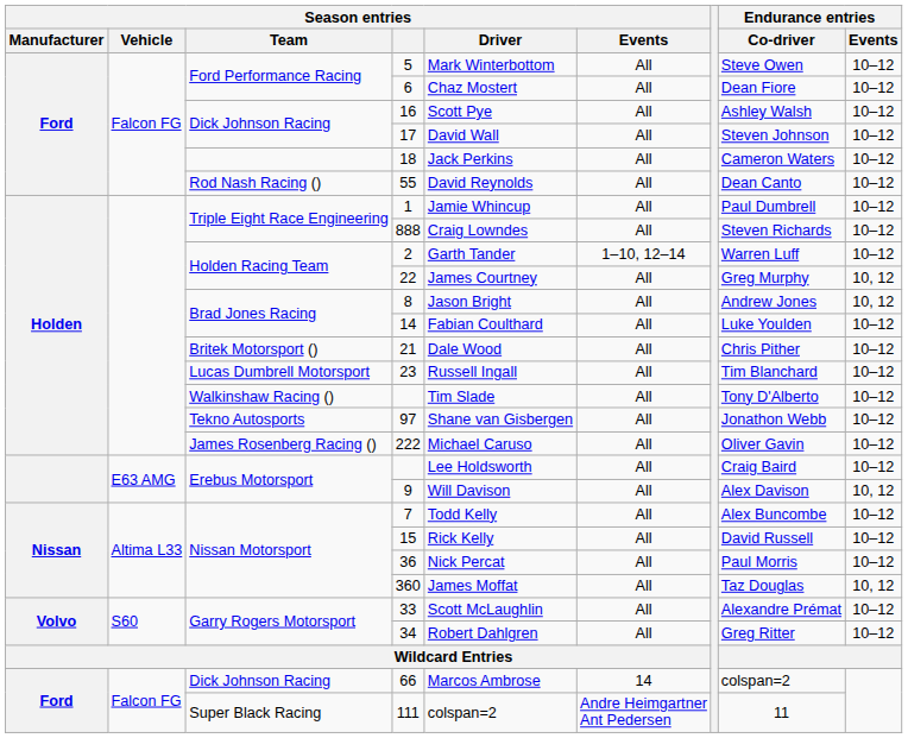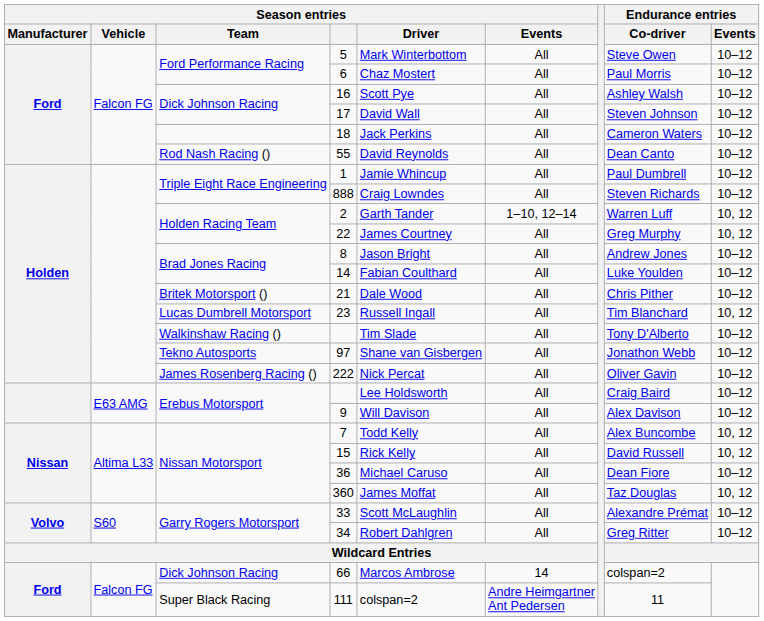 <table class="wikitable" style="font-size: 85%">
 <tr>
 <th colspan="6">Season entries</th>
 <th rowspan="30"></th>
 <th colspan="2">Endurance entries</th>
 </tr>
 <tr>
 <th>Manufacturer</th>
 <th>Vehicle</th>
 <th>Team</th>
 <th valign="middle"></th>
 <th>Driver</th>
 <th>Events</th>
 <th>Co-driver</th>
 <th>Events</th>
 </tr>
 <tr>
 <th rowspan="6"><a href='#'>Ford</a></th>
 <td rowspan="6"><a href='#'>Falcon FG</a></td>
 <td rowspan="2"><a href='#'>Ford Performance Racing</a></td>
 <td align="middle">5</td>
 <td> <a href='#'>Mark Winterbottom</a></td>
 <td align="center">All</td>
 <td> <a href='#'>Steve Owen</a></td>
 <td align="center">10–12</td>
 </tr>
 <tr>
 <td align="middle">6</td>
 <td> <a href='#'>Chaz Mostert</a></td>
 <td align="center">All</td>
-<td> <a href='#'>Dean Fiore</a></td>
+<td> <a href='#'>Paul Morris</a></td>
 <td align="center">10–12</td>
 </tr>
 <tr>
 <td rowspan="2"><a href='#'>Dick Johnson Racing</a></td>
 <td align="middle">16</td>
 <td> <a href='#'>Scott Pye</a></td>
 <td align="center">All</td>
 <td> <a href='#'>Ashley Walsh</a></td>
 <td align="center">10–12</td>
 </tr>
 <tr>
 <td align="middle">17</td>
 <td> <a href='#'>David Wall</a></td>
 <td align="center">All</td>
 <td> <a href='#'>Steven Johnson</a></td>
 <td align="center">10–12</td>
 </tr>
 <tr>
 <td></td>
 <td align="middle">18</td>
 <td> <a href='#'>Jack Perkins</a></td>
 <td align="center">All</td>
 <td> <a href='#'>Cameron Waters</a></td>
 <td align="center">10–12</td>
 </tr>
 <tr>
 <td><a href='#'>Rod Nash Racing</a> ()</td>
 <td align="middle">55</td>
 <td> <a href='#'>David Reynolds</a></td>
 <td align="center">All</td>
 <td> <a href='#'>Dean Canto</a></td>
 <td align="center">10–12</td>
 </tr>
 <tr>
 <th rowspan="11"><a href='#'>Holden</a></th>
 <td rowspan="11"></td>
 <td rowspan="2"><a href='#'>Triple Eight Race Engineering</a></td>
 <td align="middle">1</td>
 <td> <a href='#'>Jamie Whincup</a></td>
 <td align="center">All</td>
 <td> <a href='#'>Paul Dumbrell</a></td>
 <td align="center">10–12</td>
 </tr>
 <tr>
 <td align="middle">888</td>
 <td> <a href='#'>Craig Lowndes</a></td>
 <td align="center">All</td>
 <td> <a href='#'>Steven Richards</a></td>
 <td align="center">10–12</td>
 </tr>
 <tr>
 <td rowspan="2"><a href='#'>Holden Racing Team</a></td>
 <td align="middle">2</td>
 <td> <a href='#'>Garth Tander</a></td>
 <td align="center">1–10, 12–14</td>
 <td> <a href='#'>Warren Luff</a></td>
-<td align="center">10–12</td>
+<td align="center">10, 12</td>
 </tr>
 <tr>
 <td align="middle">22</td>
 <td> <a href='#'>James Courtney</a></td>
 <td align="center">All</td>
 <td> <a href='#'>Greg Murphy</a></td>
 <td align="center">10, 12</td>
 </tr>
 <tr>
 <td rowspan="2"><a href='#'>Brad Jones Racing</a></td>
 <td align="middle">8</td>
 <td> <a href='#'>Jason Bright</a></td>
 <td align="center">All</td>
 <td> <a href='#'>Andrew Jones</a></td>
-<td align="center">10, 12</td>
+<td align="center">10–12</td>
 </tr>
 <tr>
 <td align="middle">14</td>
 <td> <a href='#'>Fabian Coulthard</a></td>
 <td align="center">All</td>
 <td> <a href='#'>Luke Youlden</a></td>
 <td align="center">10–12</td>
 </tr>
 <tr>
 <td><a href='#'>Britek Motorsport</a> ()</td>
 <td align="middle">21</td>
 <td> <a href='#'>Dale Wood</a></td>
 <td align="center">All</td>
 <td> <a href='#'>Chris Pither</a></td>
 <td align="center">10–12</td>
 </tr>
 <tr>
 <td><a href='#'>Lucas Dumbrell Motorsport</a></td>
 <td align="middle">23</td>
 <td> <a href='#'>Russell Ingall</a></td>
 <td align="center">All</td>
 <td> <a href='#'>Tim Blanchard</a></td>
-<td align="center">10–12</td>
+<td align="center">10, 12</td>
 </tr>
 <tr>
 <td><a href='#'>Walkinshaw Racing</a> ()</td>
 <td align="middle"></td>
 <td> <a href='#'>Tim Slade</a></td>
 <td align="center">All</td>
 <td> <a href='#'>Tony D'Alberto</a></td>
 <td align="center">10–12</td>
 </tr>
 <tr>
 <td><a href='#'>Tekno Autosports</a></td>
 <td align="middle">97</td>
 <td> <a href='#'>Shane van Gisbergen</a></td>
 <td align="center">All</td>
 <td> <a href='#'>Jonathon Webb</a></td>
 <td align="center">10–12</td>
 </tr>
 <tr>
 <td><a href='#'>James Rosenberg Racing</a> ()</td>
 <td align="middle">222</td>
-<td> <a href='#'>Michael Caruso</a></td>
+<td> <a href='#'>Nick Percat</a></td>
 <td align="center">All</td>
 <td> <a href='#'>Oliver Gavin</a></td>
 <td align="center">10–12</td>
 </tr>
 <tr>
 <th rowspan=2></th>
 <td rowspan="2"><a href='#'>E63 AMG</a></td>
 <td rowspan="2"><a href='#'>Erebus Motorsport</a></td>
 <td align="middle"></td>
 <td> <a href='#'>Lee Holdsworth</a></td>
 <td align="center">All</td>
 <td> <a href='#'>Craig Baird</a></td>
 <td align="center">10–12</td>
 </tr>
 <tr>
 <td align="middle">9</td>
 <td> <a href='#'>Will Davison</a></td>
 <td align="center">All</td>
 <td> <a href='#'>Alex Davison</a></td>
-<td align="center">10, 12</td>
+<td align="center">10–12</td>
 </tr>
 <tr>
 <th rowspan=4><a href='#'>Nissan</a></th>
 <td rowspan="4"><a href='#'>Altima L33</a></td>
 <td rowspan="4"><a href='#'>Nissan Motorsport</a></td>
 <td align="middle">7</td>
 <td> <a href='#'>Todd Kelly</a></td>
 <td align="center">All</td>
 <td> <a href='#'>Alex Buncombe</a></td>
-<td align="center">10–12</td>
+<td align="center">10, 12</td>
 </tr>
 <tr>
 <td align="middle">15</td>
 <td> <a href='#'>Rick Kelly</a></td>
 <td align="center">All</td>
 <td> <a href='#'>David Russell</a></td>
-<td align="center">10–12</td>
+<td align="center">10, 12</td>
 </tr>
 <tr>
 <td align="middle">36</td>
-<td> <a href='#'>Nick Percat</a></td>
+<td> <a href='#'>Michael Caruso</a></td>
 <td align="center">All</td>
-<td> <a href='#'>Paul Morris</a></td>
+<td> <a href='#'>Dean Fiore</a></td>
 <td align="center">10–12</td>
 </tr>
 <tr>
 <td align="middle">360</td>
 <td> <a href='#'>James Moffat</a></td>
 <td align="center">All</td>
 <td> <a href='#'>Taz Douglas</a></td>
 <td align="center">10, 12</td>
 </tr>
 <tr>
 <th rowspan=2><a href='#'>Volvo</a></th>
 <td rowspan="2"><a href='#'>S60</a></td>
 <td rowspan="2"><a href='#'>Garry Rogers Motorsport</a></td>
 <td align="middle">33</td>
 <td> <a href='#'>Scott McLaughlin</a></td>
 <td align="center">All</td>
 <td> <a href='#'>Alexandre Prémat</a></td>
 <td align="center">10–12</td>
 </tr>
 <tr>
 <td align="middle">34</td>
 <td> <a href='#'>Robert Dahlgren</a></td>
 <td align="center">All</td>
 <td> <a href='#'>Greg Ritter</a></td>
 <td align="center">10–12</td>
 </tr>
 <tr>
 <th colspan="9" align="center">Wildcard Entries</th>
 </tr>
 <tr>
 <th rowspan=2><a href='#'>Ford</a></th>
 <td rowspan=2><a href='#'>Falcon FG</a></td>
 <td><a href='#'>Dick Johnson Racing</a></td>
 <td align="middle">66</td>
 <td> <a href='#'>Marcos Ambrose</a></td>
 <td align="center">14</td>
 <td>colspan=2 </td>
 </tr>
 <tr>
 <td>Super Black Racing</td>
 <td align="middle">111</td>
 <td>colspan=2 </td>
 <td> <a href='#'>Andre Heimgartner</a><br> <a href='#'>Ant Pedersen</a></td>
 <td align="center">11</td>
 </tr>
 </table>
